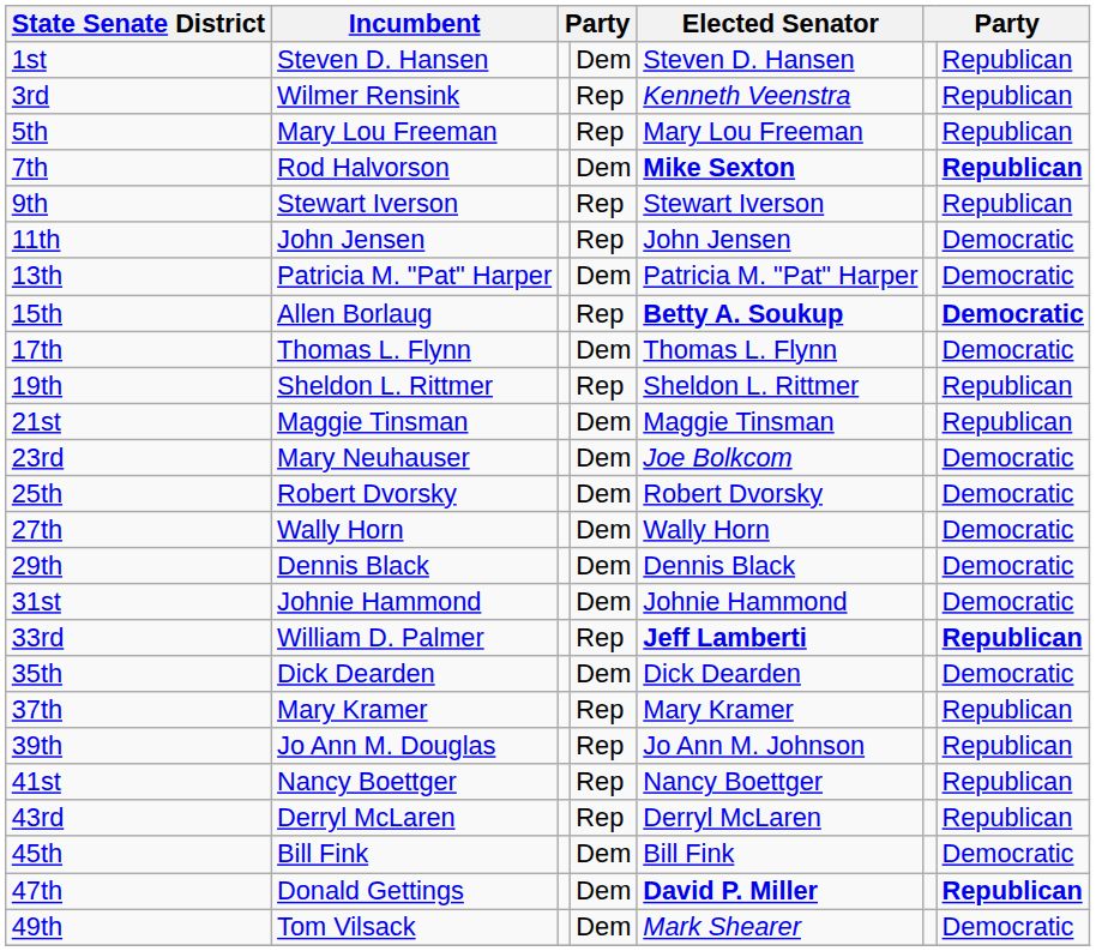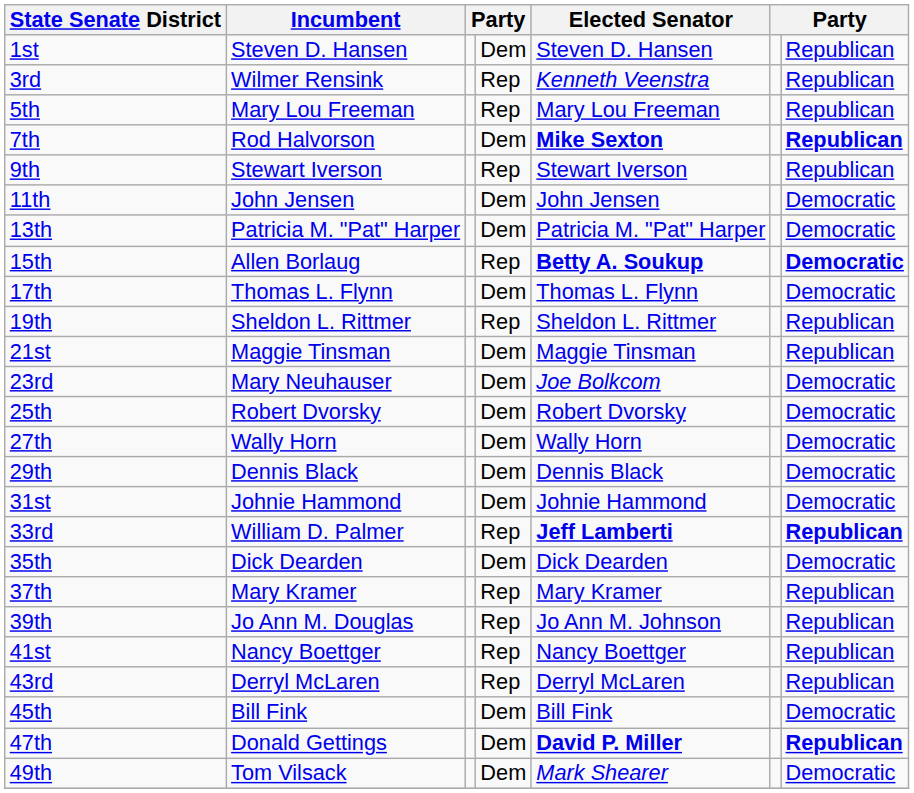 <table class="sortable wikitable" style="font-size:95%;line-height:14px;">
 <tr>
 <th class="unsortable"><a href='#'>State Senate</a> District</th>
 <th class="unsortable"><a href='#'>Incumbent</a></th>
 <th colspan="2">Party</th>
 <th class="unsortable">Elected Senator</th>
 <th colspan="2">Party</th>
 </tr>
 <tr>
 <td><a href='#'>1st</a></td>
 <td><a href='#'>Steven D. Hansen</a></td>
 <td style="background:"></td>
 <td>Dem</td>
 <td><a href='#'>Steven D. Hansen</a></td>
 <td style="background:"></td>
 <td><a href='#'>Republican</a></td>
 </tr>
 <tr>
 <td><a href='#'>3rd</a></td>
 <td><a href='#'>Wilmer Rensink</a></td>
 <td style="background:"></td>
 <td>Rep</td>
 <td><em><a href='#'>Kenneth Veenstra</a></em></td>
 <td style="background:"></td>
 <td><a href='#'>Republican</a></td>
 </tr>
 <tr>
 <td><a href='#'>5th</a></td>
 <td><a href='#'>Mary Lou Freeman</a></td>
 <td style="background:"></td>
 <td>Rep</td>
 <td><a href='#'>Mary Lou Freeman</a></td>
 <td style="background:"></td>
 <td><a href='#'>Republican</a></td>
 </tr>
 <tr>
 <td><a href='#'>7th</a></td>
 <td><a href='#'>Rod Halvorson</a></td>
 <td style="background:"></td>
 <td>Dem</td>
 <td><strong><a href='#'>Mike Sexton</a></strong></td>
 <td style="background:"></td>
 <td><strong><a href='#'>Republican</a></strong></td>
 </tr>
 <tr>
 <td><a href='#'>9th</a></td>
 <td><a href='#'>Stewart Iverson</a></td>
 <td style="background:"></td>
 <td>Rep</td>
 <td><a href='#'>Stewart Iverson</a></td>
 <td style="background:"></td>
 <td><a href='#'>Republican</a></td>
 </tr>
 <tr>
 <td><a href='#'>11th</a></td>
 <td><a href='#'>John Jensen</a></td>
 <td style="background:"></td>
-<td>Rep</td>
+<td>Dem</td>
 <td><a href='#'>John Jensen</a></td>
 <td style="background:"></td>
 <td><a href='#'>Democratic</a></td>
 </tr>
 <tr>
 <td><a href='#'>13th</a></td>
 <td><a href='#'>Patricia M. "Pat" Harper</a></td>
 <td style="background:"></td>
 <td>Dem</td>
 <td><a href='#'>Patricia M. "Pat" Harper</a></td>
 <td style="background:"></td>
 <td><a href='#'>Democratic</a></td>
 </tr>
 <tr>
 <td><a href='#'>15th</a></td>
 <td><a href='#'>Allen Borlaug</a></td>
 <td style="background:"></td>
 <td>Rep</td>
 <td><strong><a href='#'>Betty A. Soukup</a></strong></td>
 <td style="background:"></td>
 <td><strong><a href='#'>Democratic</a></strong></td>
 </tr>
 <tr>
 <td><a href='#'>17th</a></td>
 <td><a href='#'>Thomas L. Flynn</a></td>
 <td style="background:"></td>
 <td>Dem</td>
 <td><a href='#'>Thomas L. Flynn</a></td>
 <td style="background:"></td>
 <td><a href='#'>Democratic</a></td>
 </tr>
 <tr>
 <td><a href='#'>19th</a></td>
 <td><a href='#'>Sheldon L. Rittmer</a></td>
 <td style="background:"></td>
 <td>Rep</td>
 <td><a href='#'>Sheldon L. Rittmer</a></td>
 <td style="background:"></td>
 <td><a href='#'>Republican</a></td>
 </tr>
 <tr>
 <td><a href='#'>21st</a></td>
 <td><a href='#'>Maggie Tinsman</a></td>
 <td style="background:"></td>
 <td>Dem</td>
 <td><a href='#'>Maggie Tinsman</a></td>
 <td style="background:"></td>
 <td><a href='#'>Republican</a></td>
 </tr>
 <tr>
 <td><a href='#'>23rd</a></td>
 <td><a href='#'>Mary Neuhauser</a></td>
 <td style="background:"></td>
 <td>Dem</td>
 <td><em><a href='#'>Joe Bolkcom</a></em></td>
 <td style="background:"></td>
 <td><a href='#'>Democratic</a></td>
 </tr>
 <tr>
 <td><a href='#'>25th</a></td>
 <td><a href='#'>Robert Dvorsky</a></td>
 <td style="background:"></td>
 <td>Dem</td>
 <td><a href='#'>Robert Dvorsky</a></td>
 <td style="background:"></td>
 <td><a href='#'>Democratic</a></td>
 </tr>
 <tr>
 <td><a href='#'>27th</a></td>
 <td><a href='#'>Wally Horn</a></td>
 <td style="background:"></td>
 <td>Dem</td>
 <td><a href='#'>Wally Horn</a></td>
 <td style="background:"></td>
 <td><a href='#'>Democratic</a></td>
 </tr>
 <tr>
 <td><a href='#'>29th</a></td>
 <td><a href='#'>Dennis Black</a></td>
 <td style="background:"></td>
 <td>Dem</td>
 <td><a href='#'>Dennis Black</a></td>
 <td style="background:"></td>
 <td><a href='#'>Democratic</a></td>
 </tr>
 <tr>
 <td><a href='#'>31st</a></td>
 <td><a href='#'>Johnie Hammond</a></td>
 <td style="background:"></td>
 <td>Dem</td>
 <td><a href='#'>Johnie Hammond</a></td>
 <td style="background:"></td>
 <td><a href='#'>Democratic</a></td>
 </tr>
 <tr>
 <td><a href='#'>33rd</a></td>
 <td><a href='#'>William D. Palmer</a></td>
 <td style="background:"></td>
 <td>Rep</td>
 <td><strong><a href='#'>Jeff Lamberti</a></strong></td>
 <td style="background:"></td>
 <td><strong><a href='#'>Republican</a></strong></td>
 </tr>
 <tr>
 <td><a href='#'>35th</a></td>
 <td><a href='#'>Dick Dearden</a></td>
 <td style="background:"></td>
 <td>Dem</td>
 <td><a href='#'>Dick Dearden</a></td>
 <td style="background:"></td>
 <td><a href='#'>Democratic</a></td>
 </tr>
 <tr>
 <td><a href='#'>37th</a></td>
 <td><a href='#'>Mary Kramer</a></td>
 <td style="background:"></td>
 <td>Rep</td>
 <td><a href='#'>Mary Kramer</a></td>
 <td style="background:"></td>
 <td><a href='#'>Republican</a></td>
 </tr>
 <tr>
 <td><a href='#'>39th</a></td>
 <td><a href='#'>Jo Ann M. Douglas</a></td>
 <td style="background:"></td>
 <td>Rep</td>
 <td><a href='#'>Jo Ann M. Johnson</a></td>
 <td style="background:"></td>
 <td><a href='#'>Republican</a></td>
 </tr>
 <tr>
 <td><a href='#'>41st</a></td>
 <td><a href='#'>Nancy Boettger</a></td>
 <td style="background:"></td>
 <td>Rep</td>
 <td><a href='#'>Nancy Boettger</a></td>
 <td style="background:"></td>
 <td><a href='#'>Republican</a></td>
 </tr>
 <tr>
 <td><a href='#'>43rd</a></td>
 <td><a href='#'>Derryl McLaren</a></td>
 <td style="background:"></td>
 <td>Rep</td>
 <td><a href='#'>Derryl McLaren</a></td>
 <td style="background:"></td>
 <td><a href='#'>Republican</a></td>
 </tr>
 <tr>
 <td><a href='#'>45th</a></td>
 <td><a href='#'>Bill Fink</a></td>
 <td style="background:"></td>
 <td>Dem</td>
 <td><a href='#'>Bill Fink</a></td>
 <td style="background:"></td>
 <td><a href='#'>Democratic</a></td>
 </tr>
 <tr>
 <td><a href='#'>47th</a></td>
 <td><a href='#'>Donald Gettings</a></td>
 <td style="background:"></td>
 <td>Dem</td>
 <td><strong><a href='#'>David P. Miller</a></strong></td>
 <td style="background:"></td>
 <td><strong><a href='#'>Republican</a></strong></td>
 </tr>
 <tr>
 <td><a href='#'>49th</a></td>
 <td><a href='#'>Tom Vilsack</a></td>
 <td style="background:"></td>
 <td>Dem</td>
 <td><em><a href='#'>Mark Shearer</a></em></td>
 <td style="background:"></td>
 <td><a href='#'>Democratic</a></td>
 </tr>
 <tr>
 </tr>
 </table>
